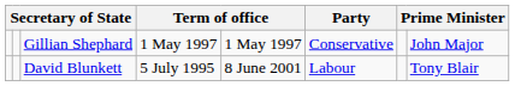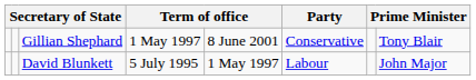 <table class="wikitable">
 <tr>
 <th colspan=3>Secretary of State</th>
 <th colspan=2>Term of office</th>
 <th>Party</th>
 <th colspan=2>Prime Minister</th>
 </tr>
 <tr style="height:1em">
 <td style="background-color:"></td>
 <td></td>
 <td><a href='#'>Gillian Shephard</a></td>
 <td>1 May 1997</td>
-<td>1 May 1997</td>
+<td>8 June 2001</td>
 <td><a href='#'>Conservative</a></td>
 <td style="background-color:"></td>
-<td><a href='#'>John Major</a></td>
+<td><a href='#'>Tony Blair</a></td>
 </tr>
 <tr style="height:1em">
 <td style="background-color:"></td>
 <td></td>
 <td><a href='#'>David Blunkett</a></td>
 <td>5 July 1995</td>
-<td>8 June 2001</td>
+<td>1 May 1997</td>
 <td><a href='#'>Labour</a></td>
 <td style="background-color:"></td>
-<td><a href='#'>Tony Blair</a></td>
+<td><a href='#'>John Major</a></td>
 </tr>
 </table>
